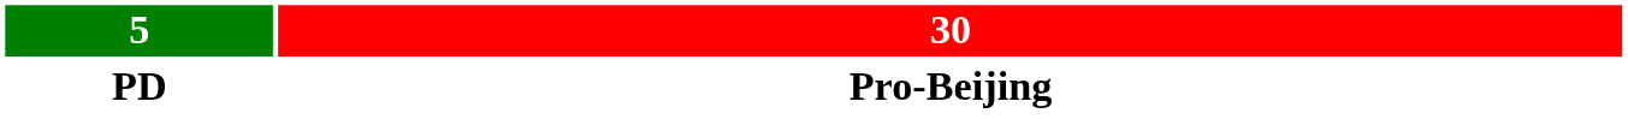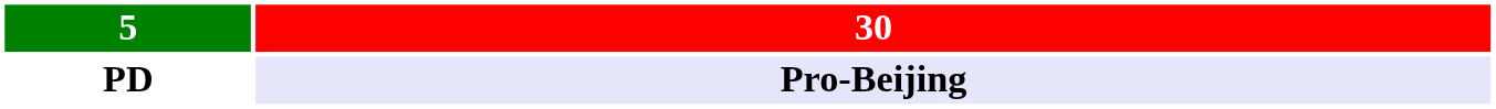 <table style="width:50%; text-align:center;">
 <tr style="color:white;">
 <td style="background:green; width:14.29%;"><strong>5</strong></td>
 <td style="background:red; width:71.43%;"><strong>30</strong></td>
 </tr>
 <tr>
 <td><span><strong>PD</strong></span></td>
-<td><span><strong>Pro-Beijing</strong></span></td>
+<td style="background: lavender;"><span><strong>Pro-Beijing</strong></span></td>
 </tr>
 </table>
